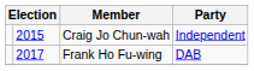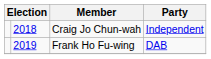 <table class="wikitable">
 <tr>
 <th colspan="2">Election</th>
 <th>Member</th>
 <th>Party</th>
 </tr>
 <tr>
 <td style="background-color:"></td>
-<td><a href='#'>2015</a></td>
+<td><a href='#'>2018</a></td>
 <td>Craig Jo Chun-wah</td>
 <td><a href='#'>Independent</a></td>
 </tr>
 <tr>
 <td style="background-color:"></td>
-<td><a href='#'>2017</a></td>
+<td><a href='#'>2019</a></td>
 <td>Frank Ho Fu-wing</td>
 <td><a href='#'>DAB</a></td>
 </tr>
 <tr>
 </tr>
 </table>
